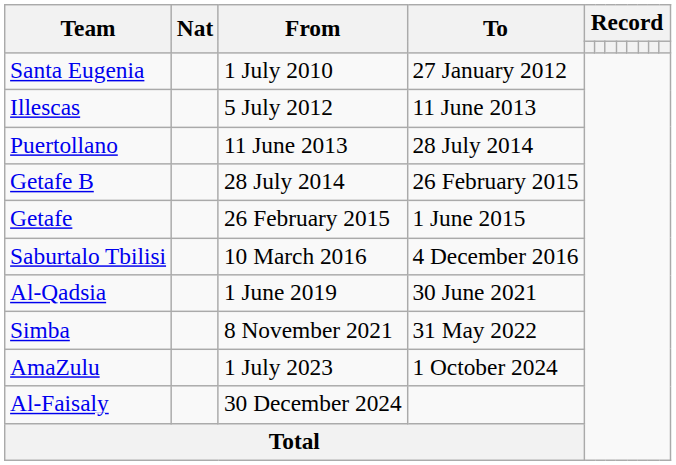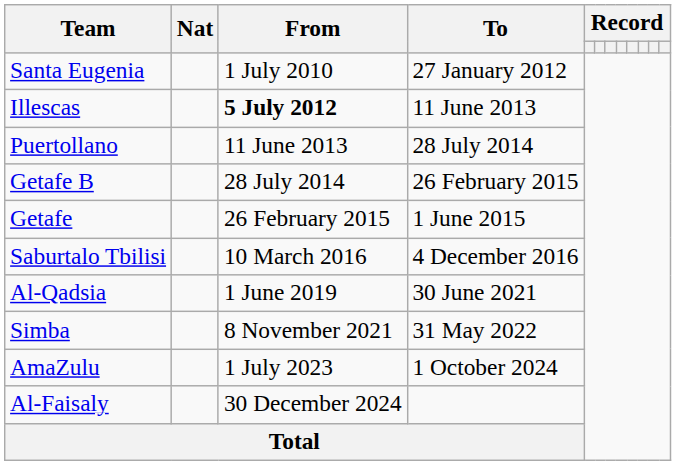 <table class="wikitable" style="text-align: center">
 <tr>
 <th rowspan="2">Team</th>
 <th rowspan="2">Nat</th>
 <th rowspan="2">From</th>
 <th rowspan="2">To</th>
 <th colspan="8">Record</th>
 </tr>
 <tr>
 <th></th>
 <th></th>
 <th></th>
 <th></th>
 <th></th>
 <th></th>
 <th></th>
 <th></th>
 </tr>
 <tr>
 <td align=left><a href='#'>Santa Eugenia</a></td>
 <td></td>
 <td align=left>1 July 2010</td>
 <td align=left>27 January 2012<br></td>
 </tr>
 <tr>
 <td align=left><a href='#'>Illescas</a></td>
 <td></td>
-<td align=left>5 July 2012</td>
+<td align=left><strong>5 July 2012</strong></td>
 <td align=left>11 June 2013<br></td>
 </tr>
 <tr>
 <td align=left><a href='#'>Puertollano</a></td>
 <td></td>
 <td align=left>11 June 2013</td>
 <td align=left>28 July 2014<br></td>
 </tr>
 <tr>
 <td align=left><a href='#'>Getafe B</a></td>
 <td></td>
 <td align=left>28 July 2014</td>
 <td align=left>26 February 2015<br></td>
 </tr>
 <tr>
 <td align=left><a href='#'>Getafe</a></td>
 <td></td>
 <td align=left>26 February 2015</td>
 <td align=left>1 June 2015<br></td>
 </tr>
 <tr>
 <td align=left><a href='#'>Saburtalo Tbilisi</a></td>
 <td></td>
 <td align=left>10 March 2016</td>
 <td align=left>4 December 2016<br></td>
 </tr>
 <tr>
 <td align=left><a href='#'>Al-Qadsia</a></td>
 <td></td>
 <td align=left>1 June 2019</td>
 <td align=left>30 June 2021<br></td>
 </tr>
 <tr>
 <td align=left><a href='#'>Simba</a></td>
 <td></td>
 <td align=left>8 November 2021</td>
 <td align=left>31 May 2022<br></td>
 </tr>
 <tr>
 <td align=left><a href='#'>AmaZulu</a></td>
 <td></td>
 <td align=left>1 July 2023</td>
 <td align=left>1 October 2024<br></td>
 </tr>
 <tr>
 <td align=left><a href='#'>Al-Faisaly</a></td>
 <td></td>
 <td align=left>30 December 2024</td>
 <td align=left><br></td>
 </tr>
 <tr>
 <th colspan="4">Total<br></th>
 </tr>
 </table>
